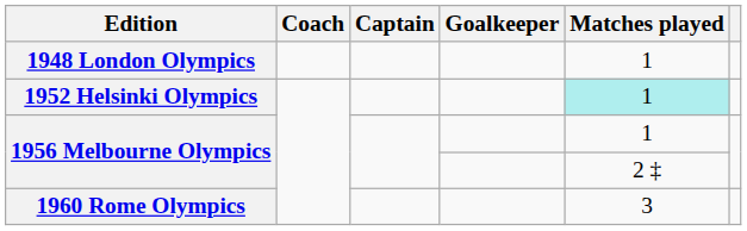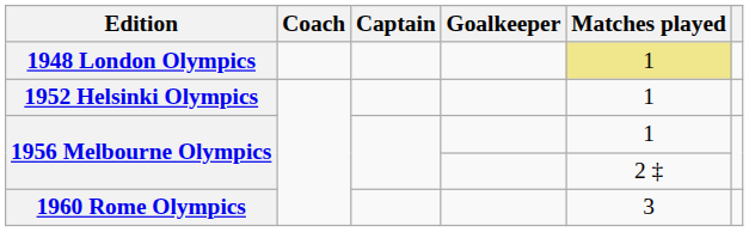 <table class="wikitable sortable" style="text-align: center;">
 <tr>
 <th scope=col>Edition</th>
 <th scope=col>Coach</th>
 <th scope=col>Captain</th>
 <th scope=col>Goalkeeper</th>
 <th scope=col>Matches played</th>
 <th scope="col" class=unsortable></th>
 </tr>
 <tr>
 <th scope=row><a href='#'>1948 London Olympics</a></th>
 <td></td>
 <td></td>
 <td></td>
-<td>1</td>
+<td style="background: khaki;">1</td>
 <td></td>
 </tr>
 <tr>
 <th scope=row><a href='#'>1952 Helsinki Olympics</a></th>
 <td rowspan="4"></td>
 <td></td>
 <td></td>
-<td style="background: paleturquoise;">1</td>
+<td>1</td>
 <td></td>
 </tr>
 <tr>
 <th scope=row rowspan="2"><a href='#'>1956 Melbourne Olympics</a></th>
 <td rowspan="2"></td>
 <td></td>
 <td>1</td>
 <td rowspan="2"></td>
 </tr>
 <tr>
 <td></td>
 <td>2 ‡</td>
 </tr>
 <tr>
 <th scope=row><a href='#'>1960 Rome Olympics</a></th>
 <td></td>
 <td></td>
 <td>3</td>
 <td></td>
 </tr>
 </table>
